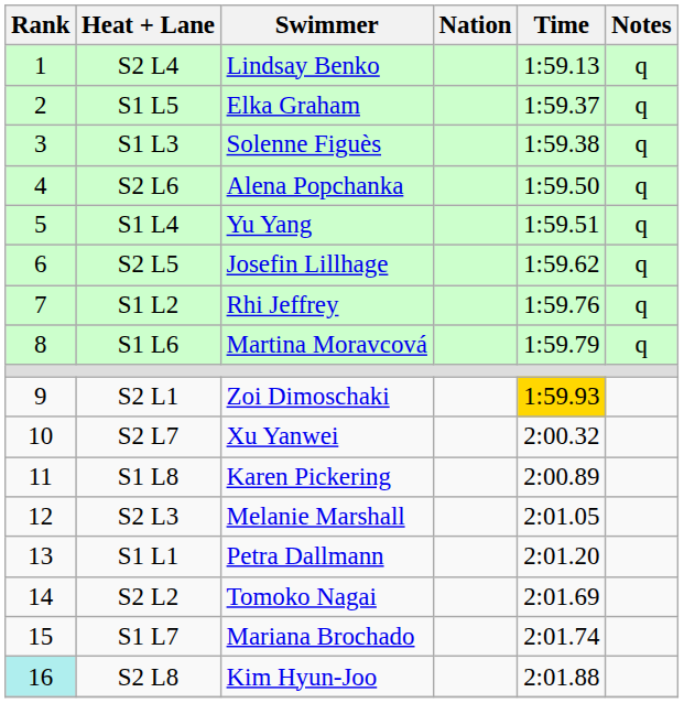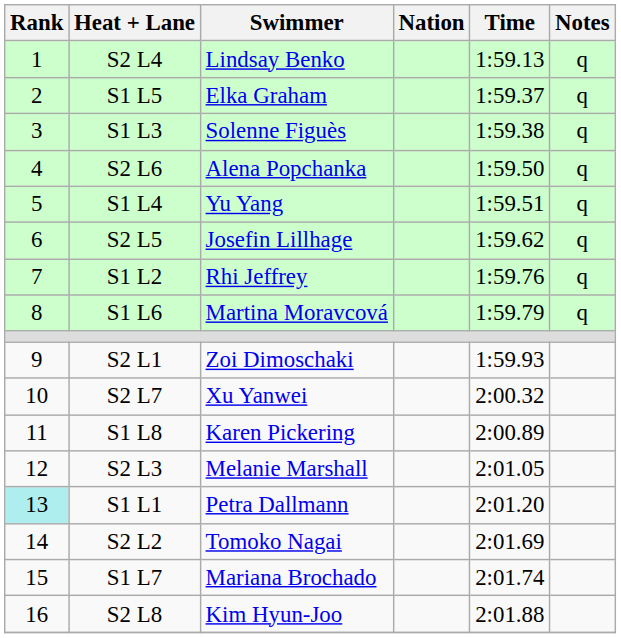 <table class="wikitable sortable" style="text-align:center">
 <tr>
 <th>Rank</th>
 <th>Heat + Lane</th>
 <th>Swimmer</th>
 <th>Nation</th>
 <th>Time</th>
 <th>Notes</th>
 </tr>
 <tr bgcolor=ccffcc>
 <td>1</td>
 <td>S2 L4</td>
 <td align=left><a href='#'>Lindsay Benko</a></td>
 <td align=left></td>
 <td>1:59.13</td>
 <td>q</td>
 </tr>
 <tr bgcolor=ccffcc>
 <td>2</td>
 <td>S1 L5</td>
 <td align=left><a href='#'>Elka Graham</a></td>
 <td align=left></td>
 <td>1:59.37</td>
 <td>q</td>
 </tr>
 <tr bgcolor=ccffcc>
 <td>3</td>
 <td>S1 L3</td>
 <td align=left><a href='#'>Solenne Figuès</a></td>
 <td align=left></td>
 <td>1:59.38</td>
 <td>q</td>
 </tr>
 <tr bgcolor=ccffcc>
 <td>4</td>
 <td>S2 L6</td>
 <td align=left><a href='#'>Alena Popchanka</a></td>
 <td align=left></td>
 <td>1:59.50</td>
 <td>q</td>
 </tr>
 <tr bgcolor=ccffcc>
 <td>5</td>
 <td>S1 L4</td>
 <td align=left><a href='#'>Yu Yang</a></td>
 <td align=left></td>
 <td>1:59.51</td>
 <td>q</td>
 </tr>
 <tr bgcolor=ccffcc>
 <td>6</td>
 <td>S2 L5</td>
 <td align=left><a href='#'>Josefin Lillhage</a></td>
 <td align=left></td>
 <td>1:59.62</td>
 <td>q</td>
 </tr>
 <tr bgcolor=ccffcc>
 <td>7</td>
 <td>S1 L2</td>
 <td align=left><a href='#'>Rhi Jeffrey</a></td>
 <td align=left></td>
 <td>1:59.76</td>
 <td>q</td>
 </tr>
 <tr bgcolor=ccffcc>
 <td>8</td>
 <td>S1 L6</td>
 <td align=left><a href='#'>Martina Moravcová</a></td>
 <td align=left></td>
 <td>1:59.79</td>
 <td>q</td>
 </tr>
 <tr bgcolor=#DDDDDD>
 <td colspan=6></td>
 </tr>
 <tr>
 <td>9</td>
 <td>S2 L1</td>
 <td align=left><a href='#'>Zoi Dimoschaki</a></td>
 <td align=left></td>
-<td style="background: gold;">1:59.93</td>
+<td>1:59.93</td>
 <td></td>
 </tr>
 <tr>
 <td>10</td>
 <td>S2 L7</td>
 <td align=left><a href='#'>Xu Yanwei</a></td>
 <td align=left></td>
 <td>2:00.32</td>
 <td></td>
 </tr>
 <tr>
 <td>11</td>
 <td>S1 L8</td>
 <td align=left><a href='#'>Karen Pickering</a></td>
 <td align=left></td>
 <td>2:00.89</td>
 <td></td>
 </tr>
 <tr>
 <td>12</td>
 <td>S2 L3</td>
 <td align=left><a href='#'>Melanie Marshall</a></td>
 <td align=left></td>
 <td>2:01.05</td>
 <td></td>
 </tr>
 <tr>
-<td>13</td>
+<td style="background: paleturquoise;">13</td>
 <td>S1 L1</td>
 <td align=left><a href='#'>Petra Dallmann</a></td>
 <td align=left></td>
 <td>2:01.20</td>
 <td></td>
 </tr>
 <tr>
 <td>14</td>
 <td>S2 L2</td>
 <td align=left><a href='#'>Tomoko Nagai</a></td>
 <td align=left></td>
 <td>2:01.69</td>
 <td></td>
 </tr>
 <tr>
 <td>15</td>
 <td>S1 L7</td>
 <td align=left><a href='#'>Mariana Brochado</a></td>
 <td align=left></td>
 <td>2:01.74</td>
 <td></td>
 </tr>
 <tr>
-<td style="background: paleturquoise;">16</td>
+<td>16</td>
 <td>S2 L8</td>
 <td align=left><a href='#'>Kim Hyun-Joo</a></td>
 <td align=left></td>
 <td>2:01.88</td>
 <td></td>
 </tr>
 <tr>
 </tr>
 </table>
